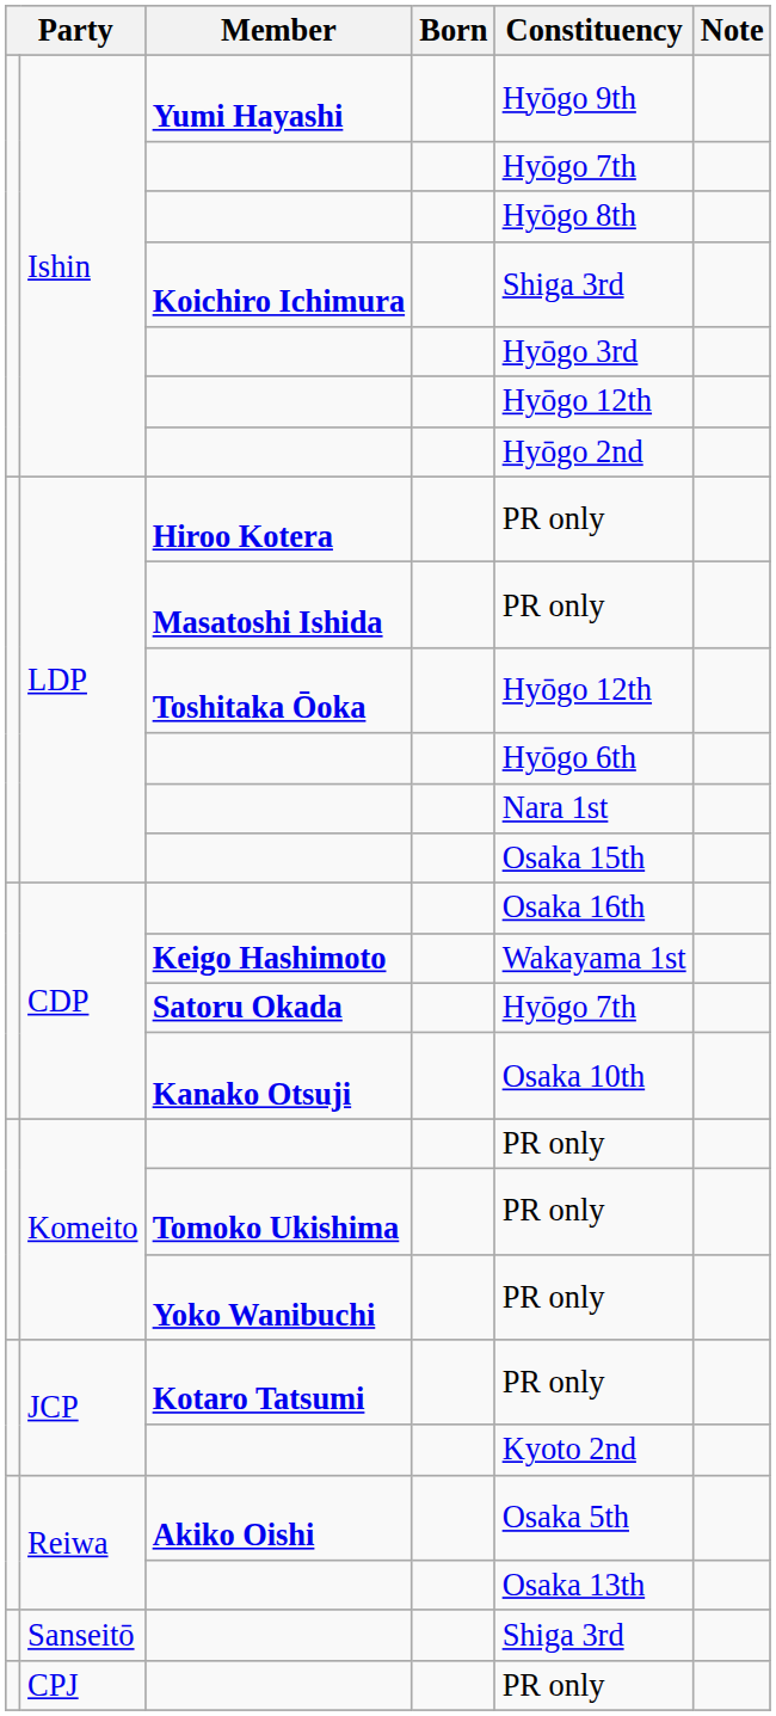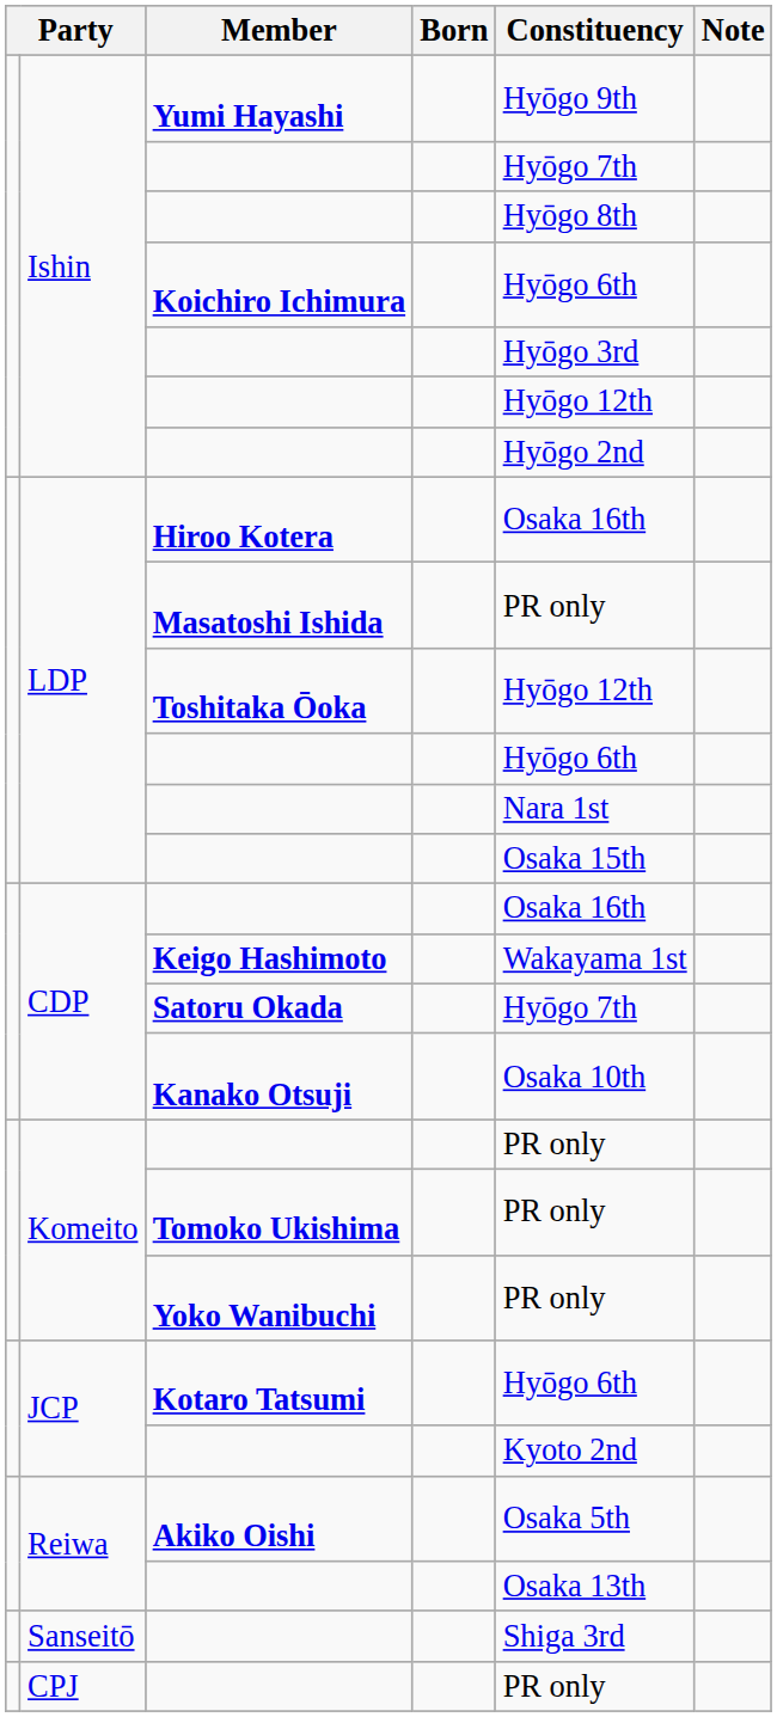 <table class="wikitable">
 <tr>
 <th colspan=2>Party</th>
 <th>Member</th>
 <th>Born</th>
 <th>Constituency</th>
 <th>Note</th>
 </tr>
 <tr>
 <td rowspan=7 style="background-color:"></td>
 <td rowspan=7><a href='#'>Ishin</a></td>
 <td><br><strong><a href='#'>Yumi Hayashi</a></strong></td>
 <td></td>
 <td><a href='#'>Hyōgo 9th</a></td>
 <td></td>
 </tr>
 <tr>
 <td><strong></strong></td>
 <td></td>
 <td><a href='#'>Hyōgo 7th</a></td>
 <td></td>
 </tr>
 <tr>
 <td><strong></strong></td>
 <td></td>
 <td><a href='#'>Hyōgo 8th</a></td>
 <td></td>
 </tr>
 <tr>
 <td><br><strong><a href='#'>Koichiro Ichimura</a></strong></td>
 <td></td>
-<td><a href='#'>Shiga 3rd</a></td>
+<td><a href='#'>Hyōgo 6th</a></td>
 <td></td>
 </tr>
 <tr>
 <td><br><strong></strong></td>
 <td></td>
 <td><a href='#'>Hyōgo 3rd</a></td>
 <td></td>
 </tr>
 <tr>
 <td><strong></strong></td>
 <td></td>
 <td><a href='#'>Hyōgo 12th</a></td>
 <td></td>
 </tr>
 <tr>
 <td><strong></strong></td>
 <td></td>
 <td><a href='#'>Hyōgo 2nd</a></td>
 <td></td>
 </tr>
 <tr>
 <td rowspan=6 style="background-color:"></td>
 <td rowspan=6><a href='#'>LDP</a></td>
 <td><br><strong><a href='#'>Hiroo Kotera</a></strong></td>
 <td></td>
-<td>PR only</td>
+<td><a href='#'>Osaka 16th</a></td>
 <td></td>
 </tr>
 <tr>
 <td><br><strong><a href='#'>Masatoshi Ishida</a></strong></td>
 <td></td>
 <td>PR only</td>
 <td></td>
 </tr>
 <tr>
 <td><br><strong><a href='#'>Toshitaka Ōoka</a></strong></td>
 <td></td>
 <td><a href='#'>Hyōgo 12th</a></td>
 <td></td>
 </tr>
 <tr>
 <td><br><strong></strong></td>
 <td></td>
 <td><a href='#'>Hyōgo 6th</a></td>
 <td></td>
 </tr>
 <tr>
 <td><br><strong></strong></td>
 <td></td>
 <td><a href='#'>Nara 1st</a></td>
 <td></td>
 </tr>
 <tr>
 <td><br><strong></strong></td>
 <td></td>
 <td><a href='#'>Osaka 15th</a></td>
 <td></td>
 </tr>
 <tr>
 <td rowspan=4 style="background-color:"></td>
 <td rowspan=4><a href='#'>CDP</a></td>
 <td><br><strong></strong></td>
 <td></td>
 <td><a href='#'>Osaka 16th</a></td>
 <td></td>
 </tr>
 <tr>
 <td><strong><a href='#'>Keigo Hashimoto</a></strong></td>
 <td></td>
 <td><a href='#'>Wakayama 1st</a></td>
 <td></td>
 </tr>
 <tr>
 <td><strong><a href='#'>Satoru Okada</a></strong></td>
 <td></td>
 <td><a href='#'>Hyōgo 7th</a></td>
 <td></td>
 </tr>
 <tr>
 <td><br><strong><a href='#'>Kanako Otsuji</a></strong></td>
 <td></td>
 <td><a href='#'>Osaka 10th</a></td>
 <td></td>
 </tr>
 <tr>
 <td rowspan=3 style="background-color:"></td>
 <td rowspan=3><a href='#'>Komeito</a></td>
 <td><br><strong></strong></td>
 <td></td>
 <td>PR only</td>
 <td></td>
 </tr>
 <tr>
 <td><br><strong><a href='#'>Tomoko Ukishima</a></strong></td>
 <td></td>
 <td>PR only</td>
 <td></td>
 </tr>
 <tr>
 <td><br><strong><a href='#'>Yoko Wanibuchi</a></strong></td>
 <td></td>
 <td>PR only</td>
 <td></td>
 </tr>
 <tr>
 <td rowspan=2 style="background-color:"></td>
 <td rowspan=2><a href='#'>JCP</a></td>
 <td><br><strong><a href='#'>Kotaro Tatsumi</a></strong></td>
 <td></td>
-<td>PR only</td>
+<td><a href='#'>Hyōgo 6th</a></td>
 <td></td>
 </tr>
 <tr>
 <td><strong></strong></td>
 <td></td>
 <td><a href='#'>Kyoto 2nd</a></td>
 <td></td>
 </tr>
 <tr>
 <td rowspan=2 style="background-color:"></td>
 <td rowspan=2><a href='#'>Reiwa</a></td>
 <td><br><strong><a href='#'>Akiko Oishi</a></strong></td>
 <td></td>
 <td><a href='#'>Osaka 5th</a></td>
 <td></td>
 </tr>
 <tr>
 <td><strong></strong></td>
 <td></td>
 <td><a href='#'>Osaka 13th</a></td>
 <td></td>
 </tr>
 <tr>
 <td style="background-color:"></td>
 <td><a href='#'>Sanseitō</a></td>
 <td><strong></strong></td>
 <td></td>
 <td><a href='#'>Shiga 3rd</a></td>
 <td></td>
 </tr>
 <tr>
 <td style="background-color:"></td>
 <td><a href='#'>CPJ</a></td>
 <td><strong></strong></td>
 <td></td>
 <td>PR only</td>
 <td></td>
 </tr>
 </table>
